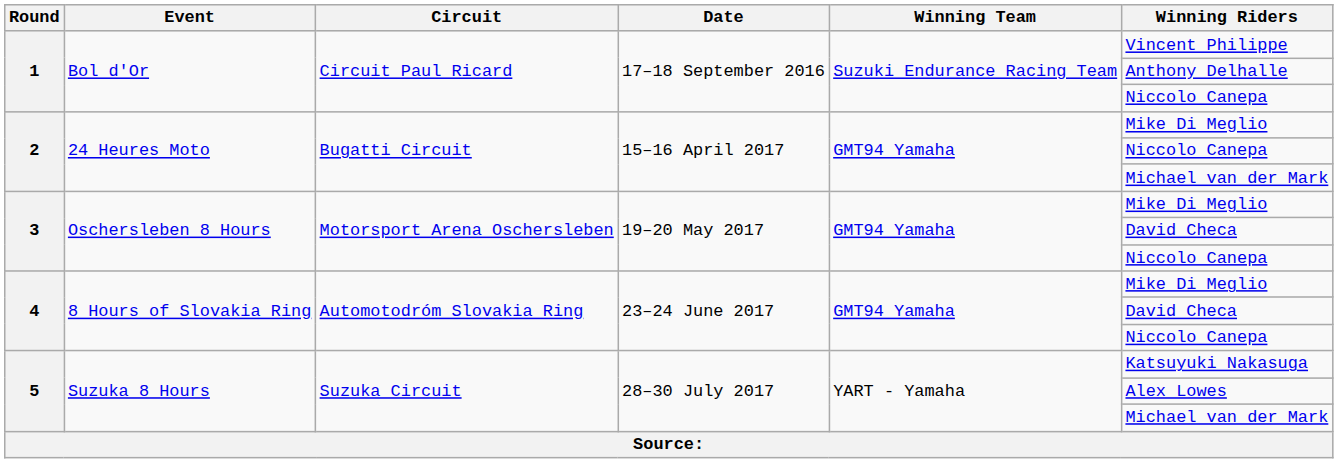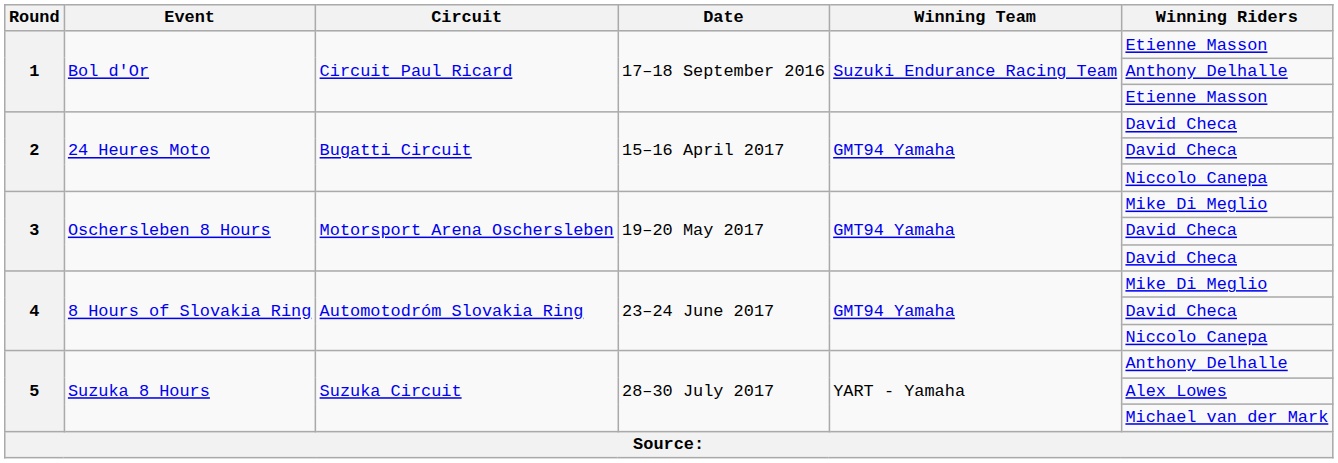 <table class="wikitable" style="font-size: 85%;">
 <tr>
 <th>Round</th>
 <th>Event</th>
 <th>Circuit</th>
 <th>Date</th>
 <th>Winning Team</th>
 <th>Winning Riders</th>
 </tr>
 <tr>
 <th rowspan=3>1</th>
 <td rowspan=3><a href='#'>Bol d'Or</a></td>
 <td rowspan=3> <a href='#'>Circuit Paul Ricard</a></td>
 <td rowspan=3>17–18 September 2016</td>
 <td rowspan=3> <a href='#'>Suzuki Endurance Racing Team</a></td>
-<td> <a href='#'>Vincent Philippe</a></td>
+<td> <a href='#'>Etienne Masson</a></td>
 </tr>
 <tr>
 <td> <a href='#'>Anthony Delhalle</a></td>
 </tr>
 <tr>
-<td> <a href='#'>Niccolo Canepa</a></td>
+<td> <a href='#'>Etienne Masson</a></td>
 </tr>
 <tr>
 <th rowspan=3>2</th>
 <td rowspan=3><a href='#'>24 Heures Moto</a></td>
 <td rowspan=3> <a href='#'>Bugatti Circuit</a></td>
 <td rowspan=3>15–16 April 2017</td>
 <td rowspan=3> <a href='#'>GMT94 Yamaha</a></td>
-<td> <a href='#'>Mike Di Meglio</a></td>
+<td> <a href='#'>David Checa</a></td>
+</tr>
+<tr>
+<td> <a href='#'>David Checa</a></td>
 </tr>
 <tr>
 <td> <a href='#'>Niccolo Canepa</a></td>
-</tr>
-<tr>
-<td> <a href='#'>Michael van der Mark</a></td>
 </tr>
 <tr>
 <th rowspan=3>3</th>
 <td rowspan=3><a href='#'>Oschersleben 8 Hours</a></td>
 <td rowspan=3> <a href='#'>Motorsport Arena Oschersleben</a></td>
 <td rowspan=3>19–20 May 2017</td>
 <td rowspan=3> <a href='#'>GMT94 Yamaha</a></td>
 <td> <a href='#'>Mike Di Meglio</a></td>
 </tr>
 <tr>
 <td> <a href='#'>David Checa</a></td>
 </tr>
 <tr>
-<td> <a href='#'>Niccolo Canepa</a></td>
+<td> <a href='#'>David Checa</a></td>
 </tr>
 <tr>
 <th rowspan=3>4</th>
 <td rowspan=3><a href='#'>8 Hours of Slovakia Ring</a></td>
 <td rowspan=3> <a href='#'>Automotodróm Slovakia Ring</a></td>
 <td rowspan=3>23–24 June 2017</td>
 <td rowspan=3> <a href='#'>GMT94 Yamaha</a></td>
 <td> <a href='#'>Mike Di Meglio</a></td>
 </tr>
 <tr>
 <td> <a href='#'>David Checa</a></td>
 </tr>
 <tr>
 <td> <a href='#'>Niccolo Canepa</a></td>
 </tr>
 <tr>
 <th rowspan=3>5</th>
 <td rowspan=3><a href='#'>Suzuka 8 Hours</a></td>
 <td rowspan=3> <a href='#'>Suzuka Circuit</a></td>
 <td rowspan=3>28–30 July 2017</td>
 <td rowspan=3> YART - Yamaha</td>
-<td> <a href='#'>Katsuyuki Nakasuga</a></td>
+<td> <a href='#'>Anthony Delhalle</a></td>
 </tr>
 <tr>
 <td> <a href='#'>Alex Lowes</a></td>
 </tr>
 <tr>
 <td> <a href='#'>Michael van der Mark</a></td>
 </tr>
 <tr>
 <th colspan=6>Source:</th>
 </tr>
 </table>
